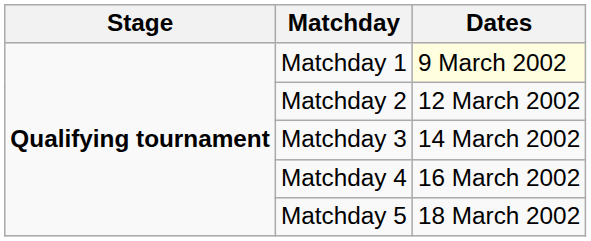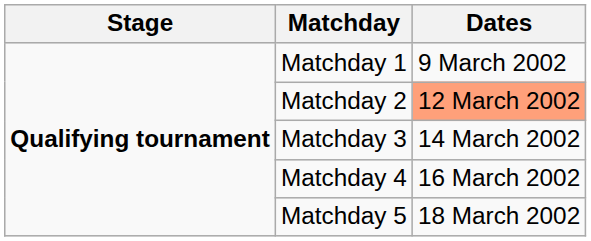 <table class="wikitable">
 <tr>
 <th>Stage</th>
 <th>Matchday</th>
 <th>Dates</th>
 </tr>
 <tr>
 <td rowspan="10"><strong>Qualifying tournament</strong></td>
 <td>Matchday 1</td>
-<td style="background: lightyellow;">9 March 2002</td>
+<td>9 March 2002</td>
 </tr>
 <tr>
 <td>Matchday 2</td>
-<td>12 March 2002</td>
+<td style="background: lightsalmon;">12 March 2002</td>
 </tr>
 <tr>
 <td>Matchday 3</td>
 <td>14 March 2002</td>
 </tr>
 <tr>
 <td>Matchday 4</td>
 <td>16 March 2002</td>
 </tr>
 <tr>
 <td>Matchday 5</td>
 <td>18 March 2002</td>
 </tr>
 </table>
